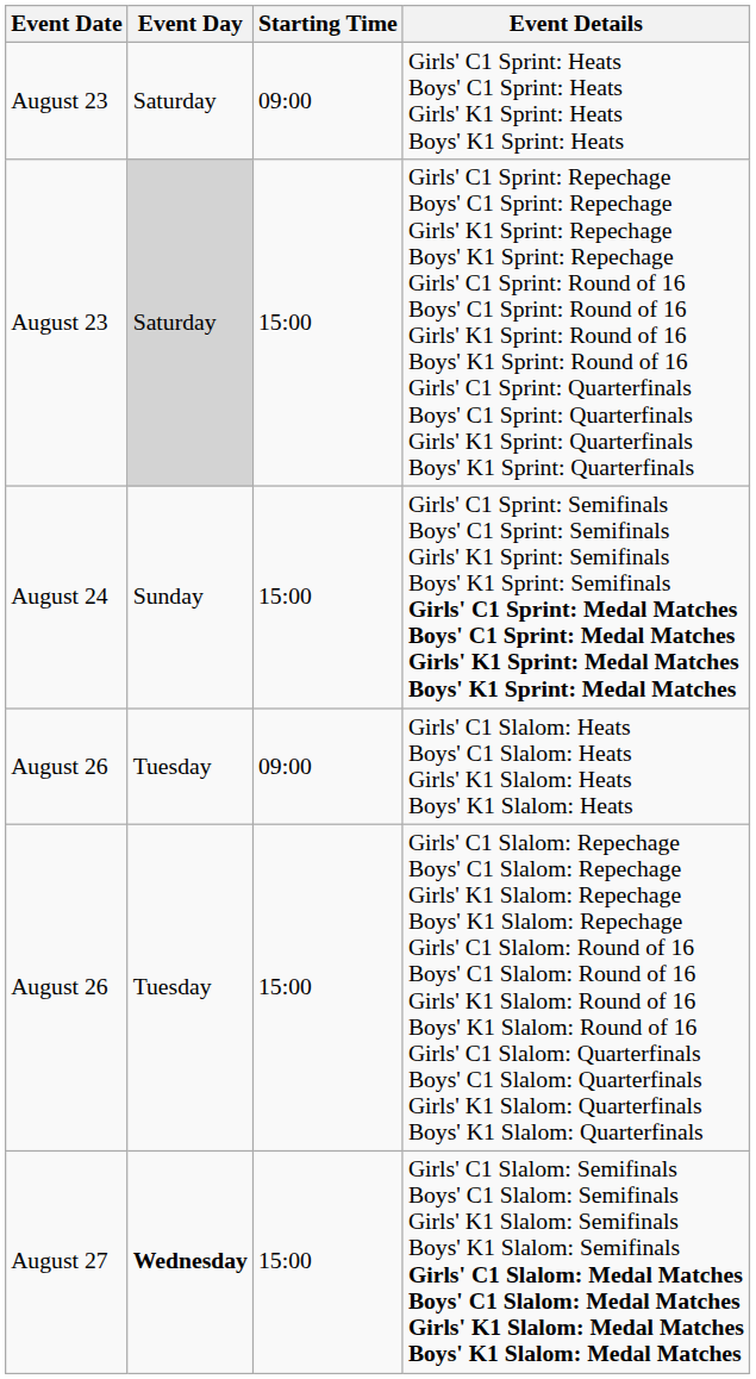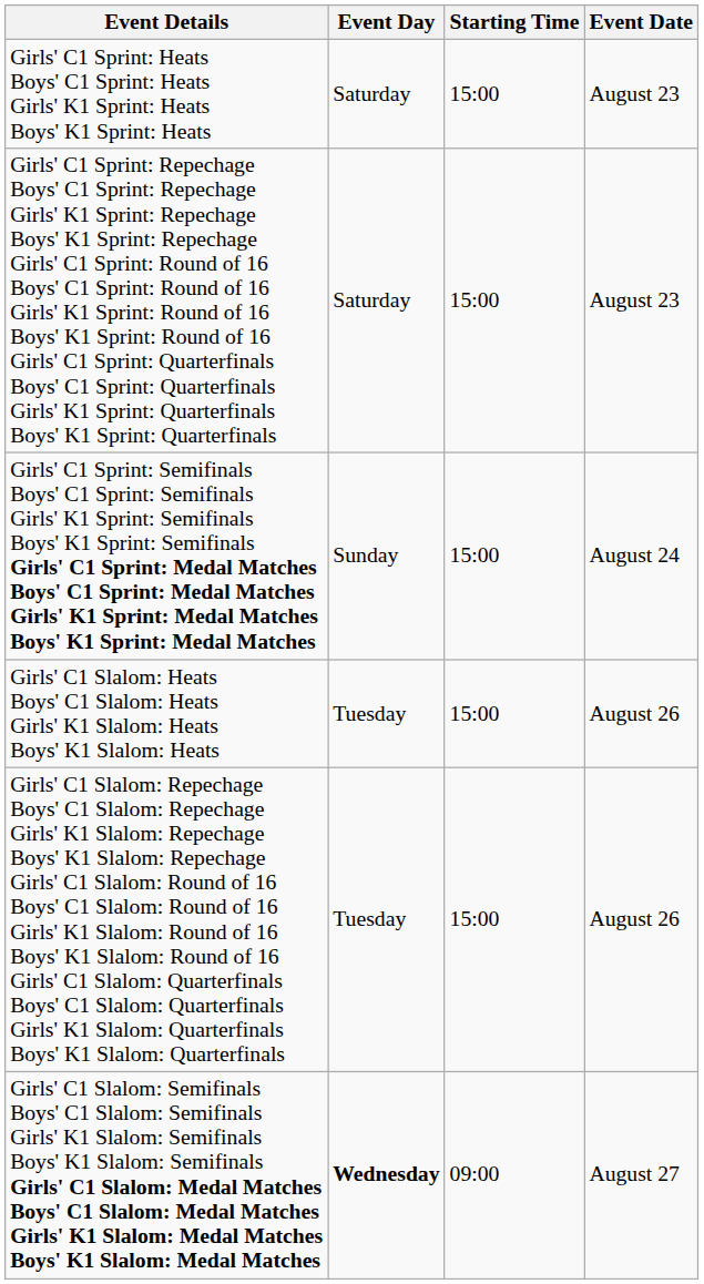 <table class="wikitable">
 <tr>
-<th>Event Date</th>
+<th>Event Details</th>
 <th>Event Day</th>
 <th>Starting Time</th>
-<th>Event Details</th>
+<th>Event Date</th>
 </tr>
 <tr>
+<td>Girls' C1 Sprint: Heats<br>Boys' C1 Sprint: Heats<br>Girls' K1 Sprint: Heats<br>Boys' K1 Sprint: Heats</td>
+<td>Saturday</td>
+<td>15:00</td>
 <td>August 23</td>
-<td>Saturday</td>
-<td>09:00</td>
-<td>Girls' C1 Sprint: Heats<br>Boys' C1 Sprint: Heats<br>Girls' K1 Sprint: Heats<br>Boys' K1 Sprint: Heats</td>
 </tr>
 <tr>
+<td>Girls' C1 Sprint: Repechage<br>Boys' C1 Sprint: Repechage<br>Girls' K1 Sprint: Repechage<br>Boys' K1 Sprint: Repechage<br>Girls' C1 Sprint: Round of 16<br>Boys' C1 Sprint: Round of 16<br>Girls' K1 Sprint: Round of 16<br>Boys' K1 Sprint: Round of 16<br>Girls' C1 Sprint: Quarterfinals<br>Boys' C1 Sprint: Quarterfinals<br>Girls' K1 Sprint: Quarterfinals<br>Boys' K1 Sprint: Quarterfinals</td>
+<td>Saturday</td>
+<td>15:00</td>
 <td>August 23</td>
-<td style="background: lightgrey;">Saturday</td>
-<td>15:00</td>
-<td>Girls' C1 Sprint: Repechage<br>Boys' C1 Sprint: Repechage<br>Girls' K1 Sprint: Repechage<br>Boys' K1 Sprint: Repechage<br>Girls' C1 Sprint: Round of 16<br>Boys' C1 Sprint: Round of 16<br>Girls' K1 Sprint: Round of 16<br>Boys' K1 Sprint: Round of 16<br>Girls' C1 Sprint: Quarterfinals<br>Boys' C1 Sprint: Quarterfinals<br>Girls' K1 Sprint: Quarterfinals<br>Boys' K1 Sprint: Quarterfinals</td>
 </tr>
 <tr>
-<td>August 24</td>
+<td>Girls' C1 Sprint: Semifinals<br>Boys' C1 Sprint: Semifinals<br>Girls' K1 Sprint: Semifinals<br>Boys' K1 Sprint: Semifinals<br><strong>Girls' C1 Sprint: Medal Matches</strong><br><strong>Boys' C1 Sprint: Medal Matches</strong><br><strong>Girls' K1 Sprint: Medal Matches</strong><br><strong>Boys' K1 Sprint: Medal Matches</strong></td>
 <td>Sunday</td>
 <td>15:00</td>
-<td>Girls' C1 Sprint: Semifinals<br>Boys' C1 Sprint: Semifinals<br>Girls' K1 Sprint: Semifinals<br>Boys' K1 Sprint: Semifinals<br><strong>Girls' C1 Sprint: Medal Matches</strong><br><strong>Boys' C1 Sprint: Medal Matches</strong><br><strong>Girls' K1 Sprint: Medal Matches</strong><br><strong>Boys' K1 Sprint: Medal Matches</strong></td>
+<td>August 24</td>
 </tr>
 <tr>
+<td>Girls' C1 Slalom: Heats<br>Boys' C1 Slalom: Heats<br>Girls' K1 Slalom: Heats<br>Boys' K1 Slalom: Heats</td>
+<td>Tuesday</td>
+<td>15:00</td>
 <td>August 26</td>
-<td>Tuesday</td>
-<td>09:00</td>
-<td>Girls' C1 Slalom: Heats<br>Boys' C1 Slalom: Heats<br>Girls' K1 Slalom: Heats<br>Boys' K1 Slalom: Heats</td>
 </tr>
 <tr>
-<td>August 26</td>
+<td>Girls' C1 Slalom: Repechage<br>Boys' C1 Slalom: Repechage<br>Girls' K1 Slalom: Repechage<br>Boys' K1 Slalom: Repechage<br>Girls' C1 Slalom: Round of 16<br>Boys' C1 Slalom: Round of 16<br>Girls' K1 Slalom: Round of 16<br>Boys' K1 Slalom: Round of 16<br>Girls' C1 Slalom: Quarterfinals<br>Boys' C1 Slalom: Quarterfinals<br>Girls' K1 Slalom: Quarterfinals<br>Boys' K1 Slalom: Quarterfinals</td>
 <td>Tuesday</td>
 <td>15:00</td>
-<td>Girls' C1 Slalom: Repechage<br>Boys' C1 Slalom: Repechage<br>Girls' K1 Slalom: Repechage<br>Boys' K1 Slalom: Repechage<br>Girls' C1 Slalom: Round of 16<br>Boys' C1 Slalom: Round of 16<br>Girls' K1 Slalom: Round of 16<br>Boys' K1 Slalom: Round of 16<br>Girls' C1 Slalom: Quarterfinals<br>Boys' C1 Slalom: Quarterfinals<br>Girls' K1 Slalom: Quarterfinals<br>Boys' K1 Slalom: Quarterfinals</td>
+<td>August 26</td>
 </tr>
 <tr>
+<td>Girls' C1 Slalom: Semifinals<br>Boys' C1 Slalom: Semifinals<br>Girls' K1 Slalom: Semifinals<br>Boys' K1 Slalom: Semifinals<br><strong>Girls' C1 Slalom: Medal Matches</strong><br><strong>Boys' C1 Slalom: Medal Matches</strong><br><strong>Girls' K1 Slalom: Medal Matches</strong><br><strong>Boys' K1 Slalom: Medal Matches</strong></td>
+<td><strong>Wednesday</strong></td>
+<td>09:00</td>
 <td>August 27</td>
-<td><strong>Wednesday</strong></td>
-<td>15:00</td>
-<td>Girls' C1 Slalom: Semifinals<br>Boys' C1 Slalom: Semifinals<br>Girls' K1 Slalom: Semifinals<br>Boys' K1 Slalom: Semifinals<br><strong>Girls' C1 Slalom: Medal Matches</strong><br><strong>Boys' C1 Slalom: Medal Matches</strong><br><strong>Girls' K1 Slalom: Medal Matches</strong><br><strong>Boys' K1 Slalom: Medal Matches</strong></td>
 </tr>
 </table>
